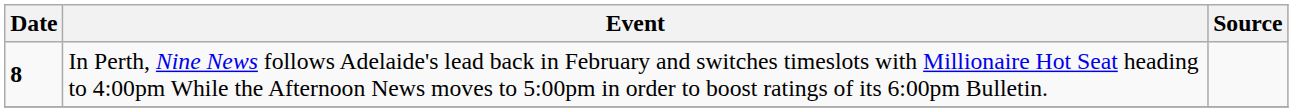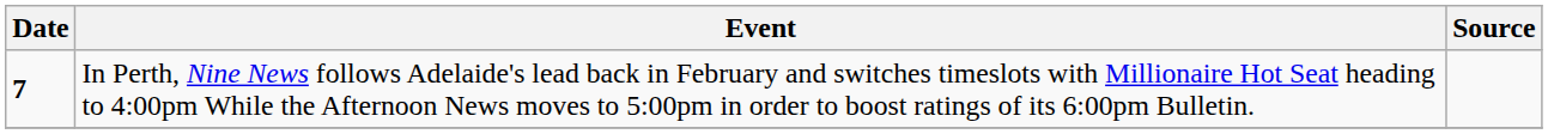 <table class="wikitable">
 <tr>
 <th>Date</th>
 <th>Event</th>
 <th>Source</th>
 </tr>
 <tr>
-<td><strong>8</strong></td>
+<td><strong>7</strong></td>
 <td>In Perth, <em><a href='#'>Nine News</a></em> follows Adelaide's lead back in February and switches timeslots with <a href='#'>Millionaire Hot Seat</a> heading to 4:00pm While the Afternoon News moves to 5:00pm in order to boost ratings of its 6:00pm Bulletin.</td>
 <td></td>
 </tr>
 <tr>
 </tr>
 </table>
